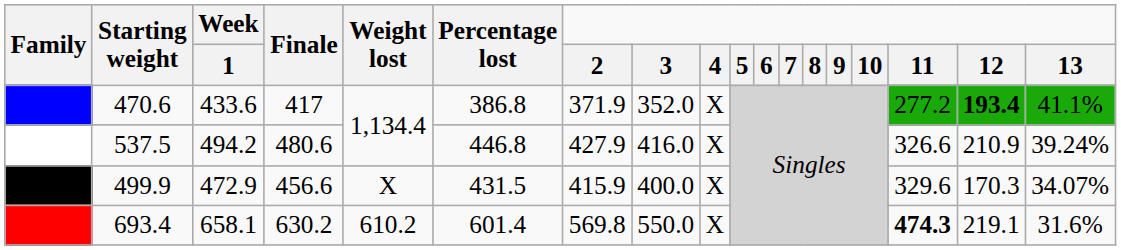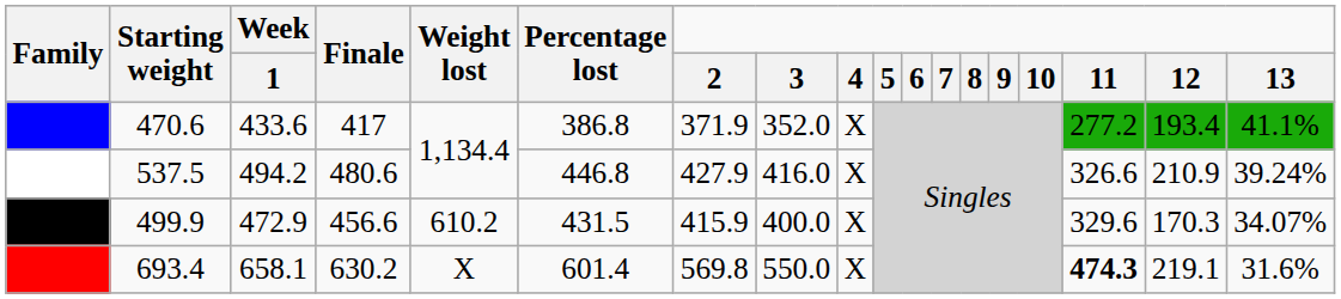 <table class="wikitable" style="text-align:center">
 <tr>
 <th rowspan=2>Family</th>
 <th rowspan=2>Starting<br>weight</th>
 <th 3>Week</th>
 <th rowspan=2>Finale</th>
 <th rowspan=2>Weight<br>lost</th>
 <th rowspan=2>Percentage<br>lost</th>
 </tr>
 <tr>
 <th>1</th>
 <th>2</th>
 <th>3</th>
 <th>4</th>
 <th>5</th>
 <th>6</th>
 <th>7</th>
 <th>8</th>
 <th>9</th>
 <th>10</th>
 <th>11</th>
 <th>12</th>
 <th>13</th>
 </tr>
 <tr>
 <td style="background:blue;color:white;"></td>
 <td>470.6</td>
 <td>433.6</td>
 <td>417</td>
 <td rowspan=2>1,134.4</td>
 <td>386.8</td>
 <td>371.9</td>
 <td>352.0</td>
 <td>X</td>
 <td style="background:lightgrey;" colspan=6 rowspan=4><em>Singles</em></td>
 <td style="background:#19AA09;">277.2</td>
-<td style="background:#19AA09;"><strong>193.4</strong></td>
+<td style="background:#19AA09;">193.4</td>
 <td style="background:#19AA09;">41.1%</td>
 </tr>
 <tr>
 <td style="background:white;"></td>
 <td>537.5</td>
 <td>494.2</td>
 <td>480.6</td>
 <td>446.8</td>
 <td>427.9</td>
 <td>416.0</td>
 <td>X</td>
 <td>326.6</td>
 <td>210.9</td>
 <td>39.24%</td>
 </tr>
 <tr>
 <td style="background:black;color:white;"></td>
 <td>499.9</td>
 <td>472.9</td>
 <td>456.6</td>
-<td>X</td>
+<td>610.2</td>
 <td>431.5</td>
 <td>415.9</td>
 <td>400.0</td>
 <td>X</td>
 <td>329.6</td>
 <td>170.3</td>
 <td>34.07%</td>
 </tr>
 <tr>
 <td style="background:red;color:white;"></td>
 <td>693.4</td>
 <td>658.1</td>
 <td>630.2</td>
-<td>610.2</td>
+<td>X</td>
 <td>601.4</td>
 <td>569.8</td>
 <td>550.0</td>
 <td>X</td>
 <td><strong>474.3</strong></td>
 <td>219.1</td>
 <td>31.6%</td>
 </tr>
 </table>
